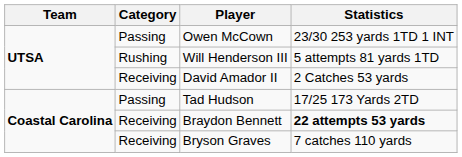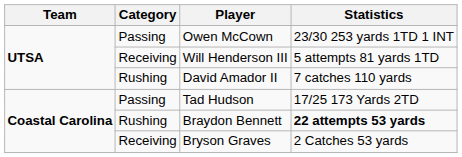 <table class="wikitable" style="float: right;">
 <tr>
 <th>Team</th>
 <th>Category</th>
 <th>Player</th>
 <th>Statistics</th>
 </tr>
 <tr>
 <td rowspan=3><strong>UTSA</strong></td>
 <td>Passing</td>
 <td>Owen McCown</td>
 <td>23/30 253 yards 1TD 1 INT</td>
 </tr>
 <tr>
-<td>Rushing</td>
+<td>Receiving</td>
 <td>Will Henderson III</td>
 <td>5 attempts 81 yards 1TD</td>
 </tr>
 <tr>
-<td>Receiving</td>
+<td>Rushing</td>
 <td>David Amador II</td>
-<td>2 Catches 53 yards</td>
+<td>7 catches 110 yards</td>
 </tr>
 <tr>
 <td rowspan=3><strong>Coastal Carolina</strong></td>
 <td>Passing</td>
 <td>Tad Hudson</td>
 <td>17/25 173 Yards 2TD</td>
 </tr>
 <tr>
-<td>Receiving</td>
+<td>Rushing</td>
 <td>Braydon Bennett</td>
 <td><strong>22 attempts 53 yards</strong></td>
 </tr>
 <tr>
 <td>Receiving</td>
 <td>Bryson Graves</td>
-<td>7 catches 110 yards</td>
+<td>2 Catches 53 yards</td>
 </tr>
 </table>
